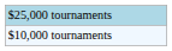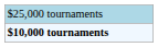 <table class="wikitable" style="font-size:90%; width:12%;">
 <tr style="background:lightblue;">
 <td>$25,000 tournaments</td>
 </tr>
 <tr style="background:#f0f8ff;">
-<td>$10,000 tournaments</td>
+<td><strong>$10,000 tournaments</strong></td>
 </tr>
 </table>
